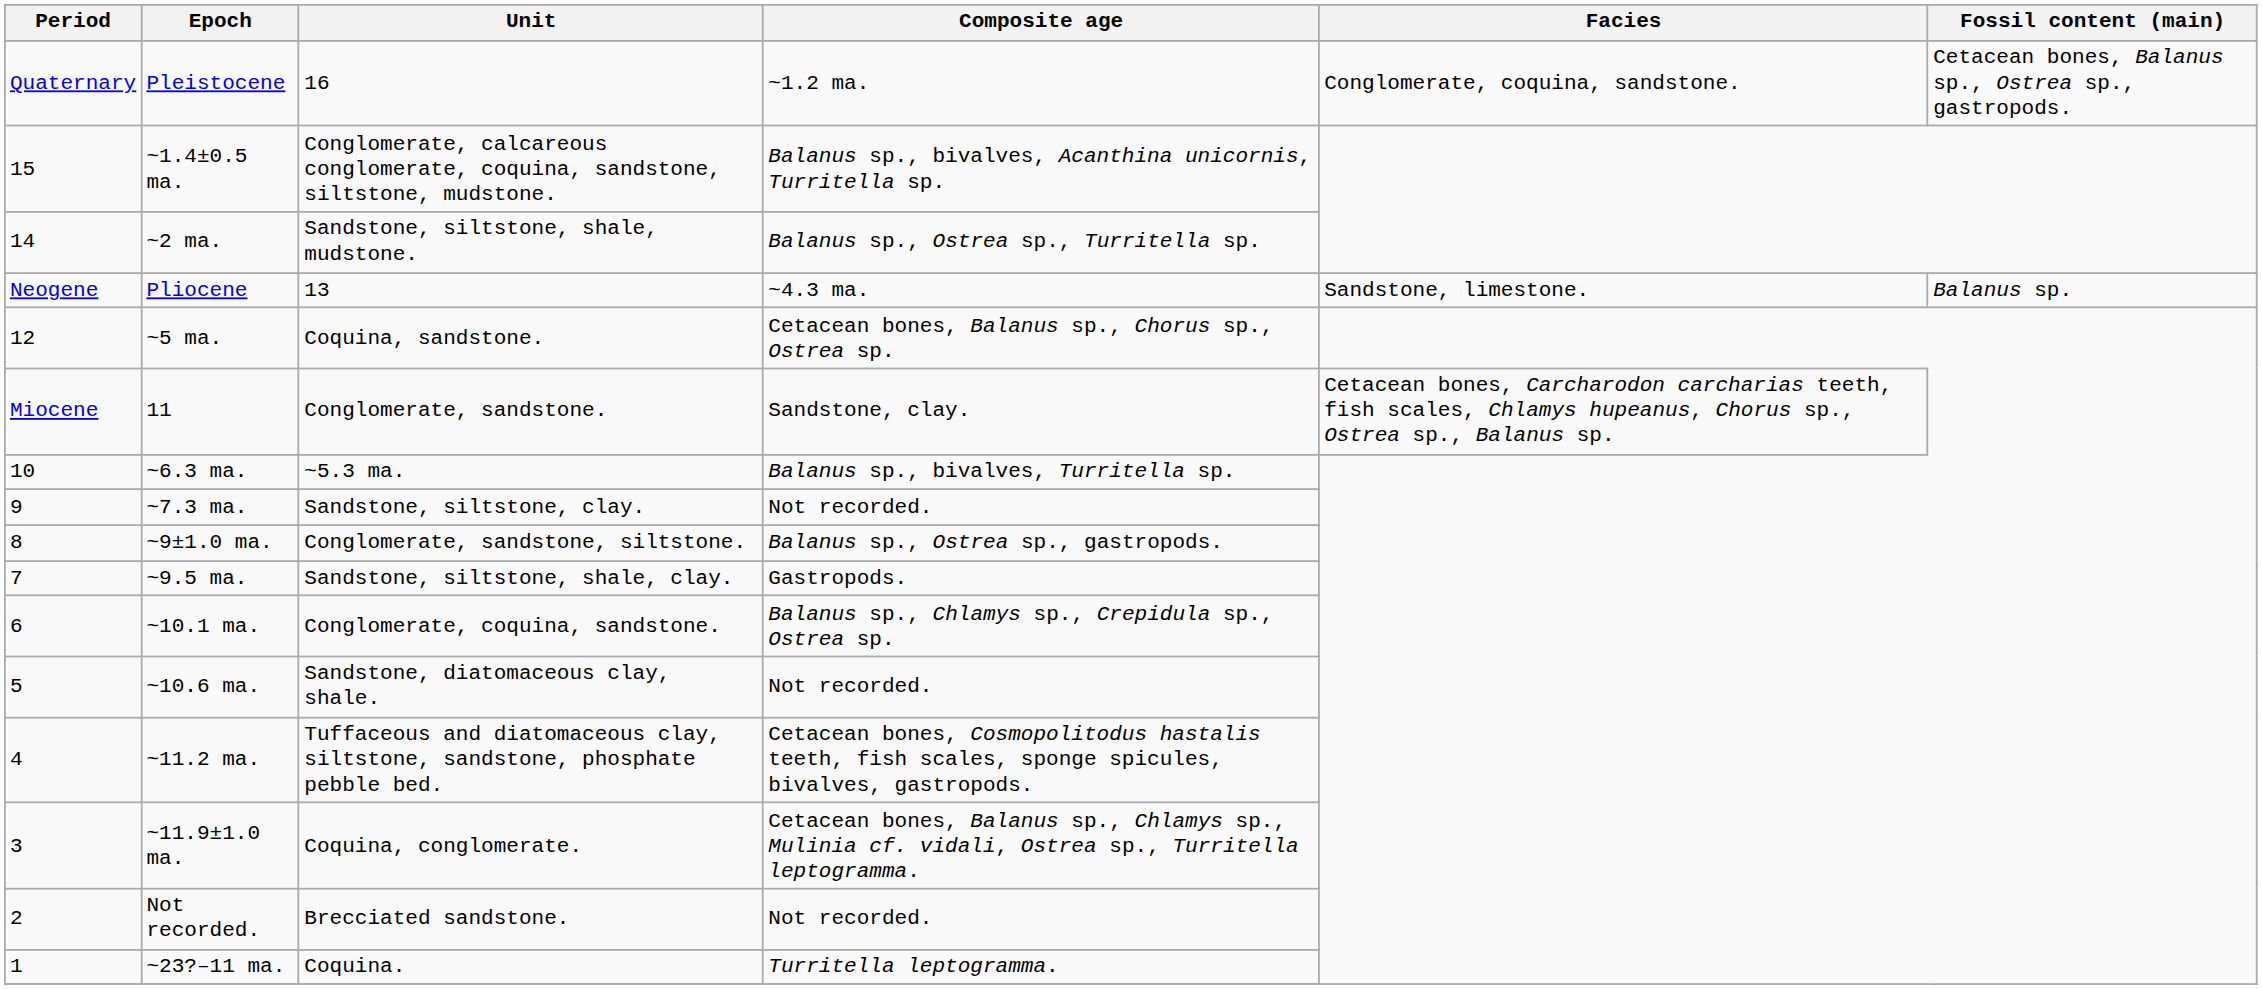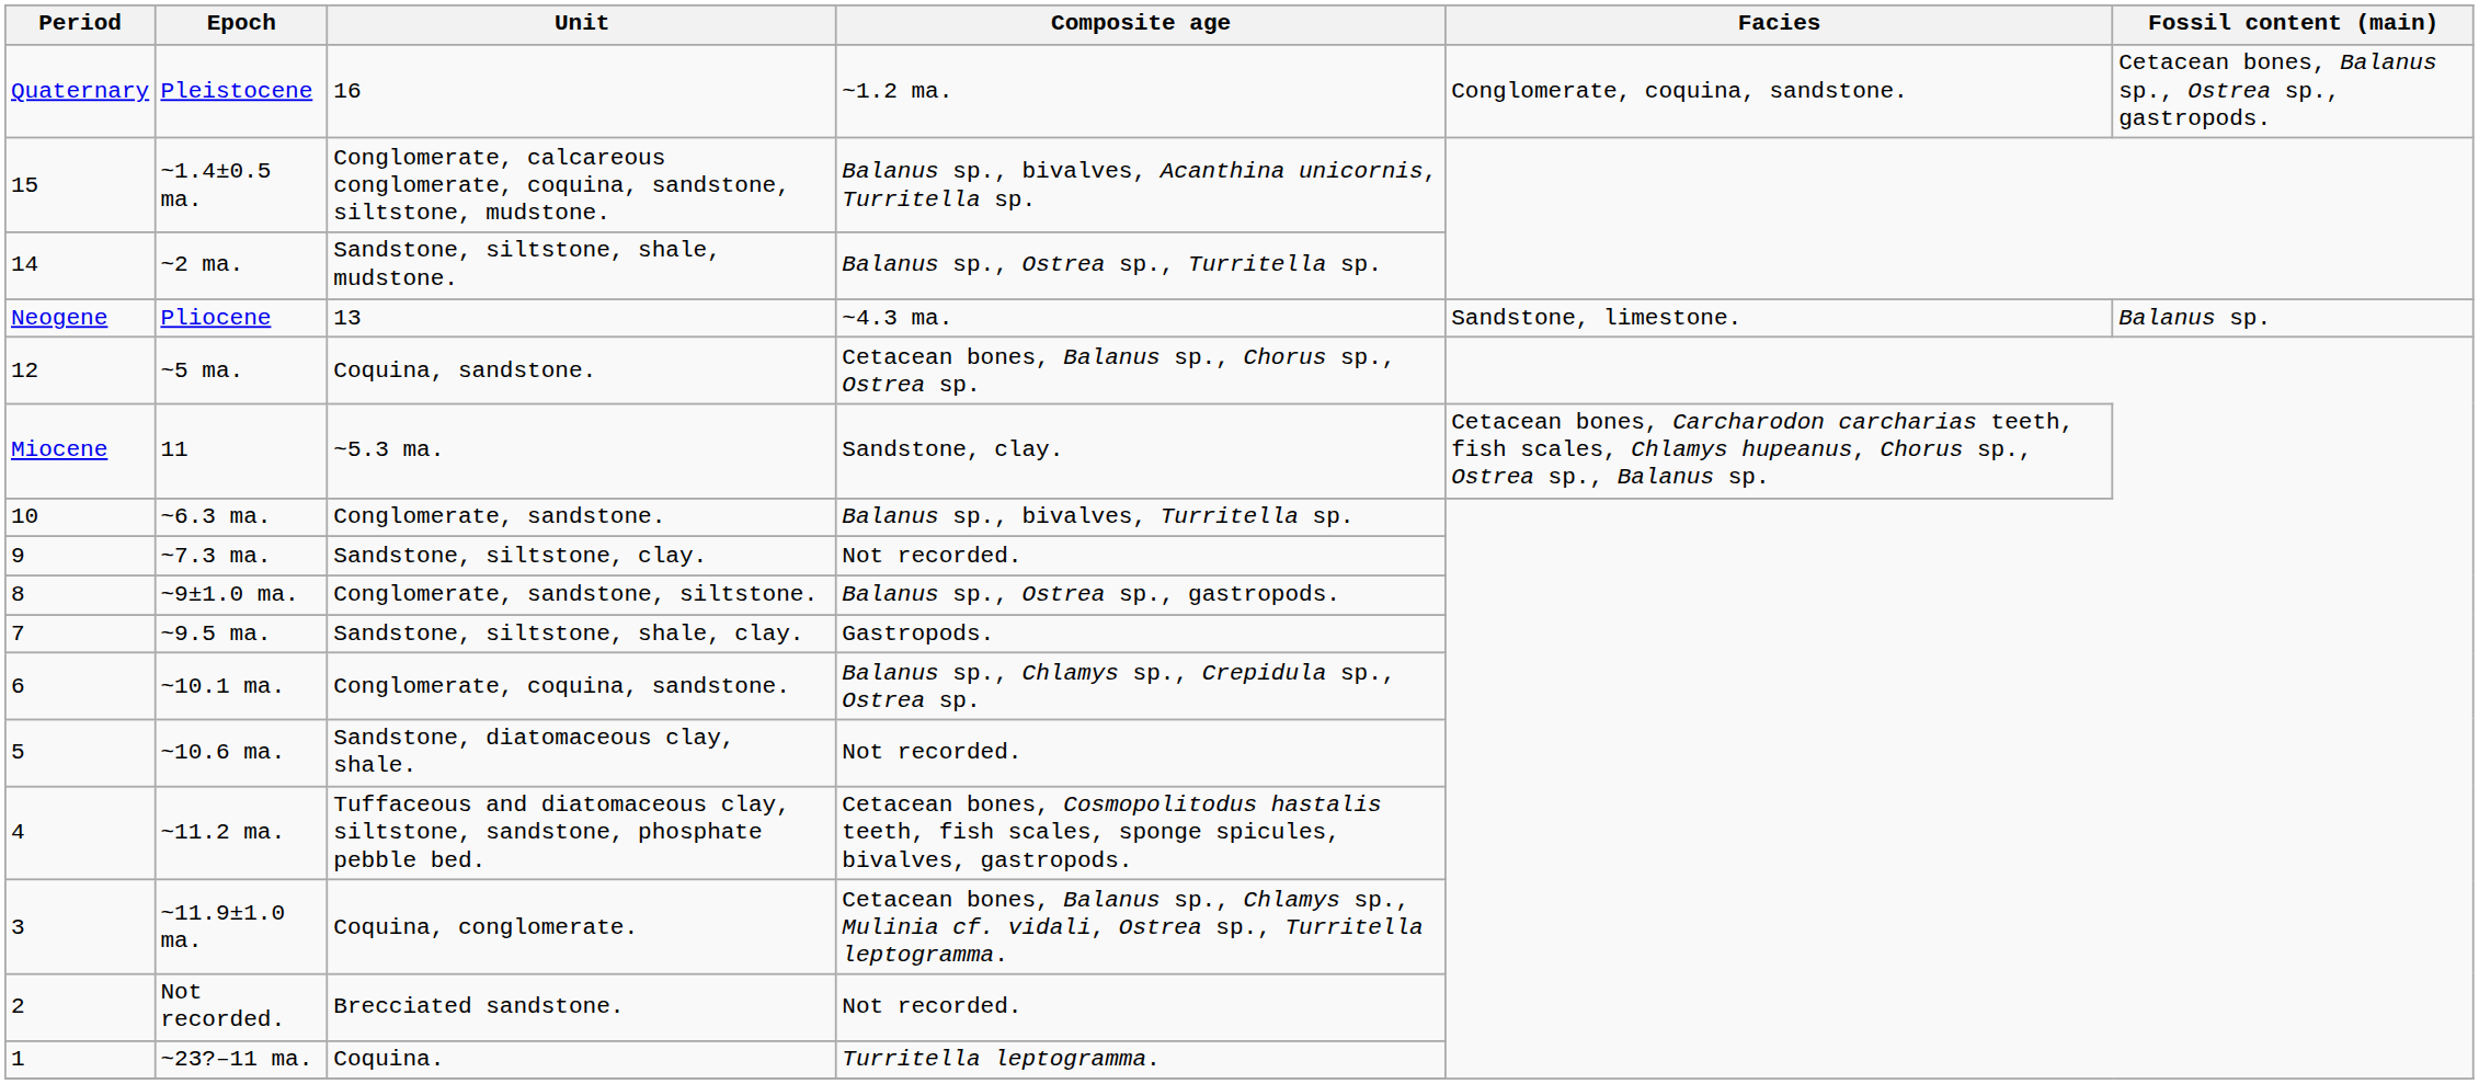 <table class="wikitable" style="font-size:90%">
 <tr>
 <th>Period</th>
 <th>Epoch</th>
 <th>Unit</th>
 <th>Composite age</th>
 <th>Facies</th>
 <th>Fossil content (main)</th>
 </tr>
 <tr>
 <td style="background-color: "><a href='#'>Quaternary</a></td>
 <td style="background-color: "><a href='#'>Pleistocene</a></td>
 <td>16</td>
 <td>~1.2 ma.</td>
 <td>Conglomerate, coquina, sandstone.</td>
 <td>Cetacean bones, <em>Balanus</em> sp., <em>Ostrea</em> sp., gastropods.</td>
 </tr>
 <tr>
 <td>15</td>
 <td>~1.4±0.5 ma.</td>
 <td>Conglomerate, calcareous conglomerate, coquina, sandstone, siltstone, mudstone.</td>
 <td><em>Balanus</em> sp., bivalves, <em>Acanthina unicornis</em>, <em>Turritella</em> sp.</td>
 </tr>
 <tr>
 <td>14</td>
 <td>~2 ma.</td>
 <td>Sandstone, siltstone, shale, mudstone.</td>
 <td><em>Balanus</em> sp., <em>Ostrea</em> sp., <em>Turritella</em> sp.</td>
 </tr>
 <tr>
 <td style="background-color: "><a href='#'>Neogene</a></td>
 <td style="background-color: "><a href='#'>Pliocene</a></td>
 <td>13</td>
 <td>~4.3 ma.</td>
 <td>Sandstone, limestone.</td>
 <td><em>Balanus</em> sp.</td>
 </tr>
 <tr>
 <td>12</td>
 <td>~5 ma.</td>
 <td>Coquina, sandstone.</td>
 <td>Cetacean bones, <em>Balanus</em> sp., <em>Chorus</em> sp., <em>Ostrea</em> sp.</td>
 </tr>
 <tr>
 <td style="background-color: "><a href='#'>Miocene</a></td>
 <td>11</td>
-<td>Conglomerate, sandstone.</td>
+<td>~5.3 ma.</td>
 <td>Sandstone, clay.</td>
 <td>Cetacean bones, <em>Carcharodon carcharias</em> teeth, fish scales, <em>Chlamys hupeanus</em>, <em>Chorus</em> sp., <em>Ostrea</em> sp., <em>Balanus</em> sp.</td>
 </tr>
 <tr>
 <td>10</td>
 <td>~6.3 ma.</td>
-<td>~5.3 ma.</td>
+<td>Conglomerate, sandstone.</td>
 <td><em>Balanus</em> sp., bivalves, <em>Turritella</em> sp.</td>
 </tr>
 <tr>
 <td>9</td>
 <td>~7.3 ma.</td>
 <td>Sandstone, siltstone, clay.</td>
 <td>Not recorded.</td>
 </tr>
 <tr>
 <td>8</td>
 <td>~9±1.0 ma.</td>
 <td>Conglomerate, sandstone, siltstone.</td>
 <td><em>Balanus</em> sp., <em>Ostrea</em> sp., gastropods.</td>
 </tr>
 <tr>
 <td>7</td>
 <td>~9.5 ma.</td>
 <td>Sandstone, siltstone, shale, clay.</td>
 <td>Gastropods.</td>
 </tr>
 <tr>
 <td>6</td>
 <td>~10.1 ma.</td>
 <td>Conglomerate, coquina, sandstone.</td>
 <td><em>Balanus</em> sp., <em>Chlamys</em> sp., <em>Crepidula</em> sp., <em>Ostrea</em> sp.</td>
 </tr>
 <tr>
 <td>5</td>
 <td>~10.6 ma.</td>
 <td>Sandstone, diatomaceous clay, shale.</td>
 <td>Not recorded.</td>
 </tr>
 <tr>
 <td>4</td>
 <td>~11.2 ma.</td>
 <td>Tuffaceous and diatomaceous clay, siltstone, sandstone, phosphate pebble bed.</td>
 <td>Cetacean bones, <em>Cosmopolitodus hastalis</em> teeth, fish scales, sponge spicules, bivalves, gastropods.</td>
 </tr>
 <tr>
 <td>3</td>
 <td>~11.9±1.0 ma.</td>
 <td>Coquina, conglomerate.</td>
 <td>Cetacean bones, <em>Balanus</em> sp., <em>Chlamys</em> sp., <em>Mulinia cf. vidali</em>, <em>Ostrea</em> sp., <em>Turritella leptogramma</em>.</td>
 </tr>
 <tr>
 <td>2</td>
 <td>Not recorded.</td>
 <td>Brecciated sandstone.</td>
 <td>Not recorded.</td>
 </tr>
 <tr>
 <td>1</td>
 <td>~23?–11 ma.</td>
 <td>Coquina.</td>
 <td><em>Turritella leptogramma</em>.</td>
 </tr>
 <tr>
 </tr>
 </table>
